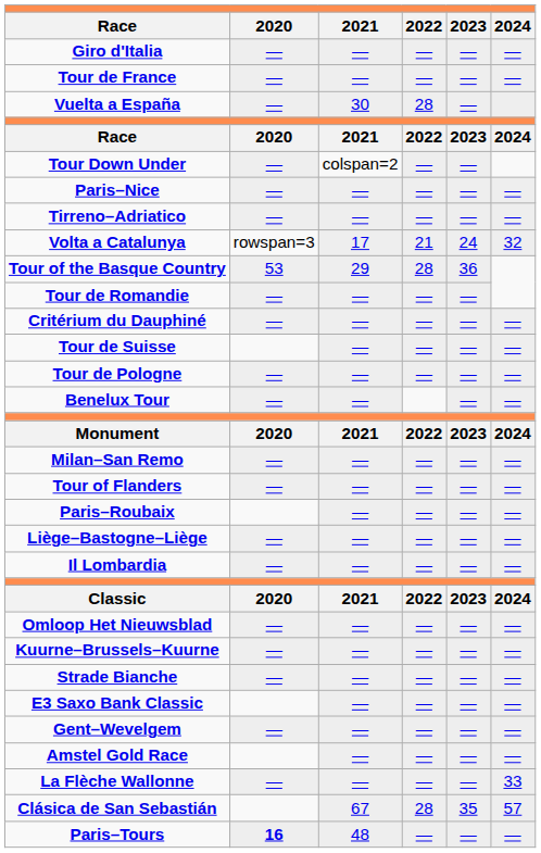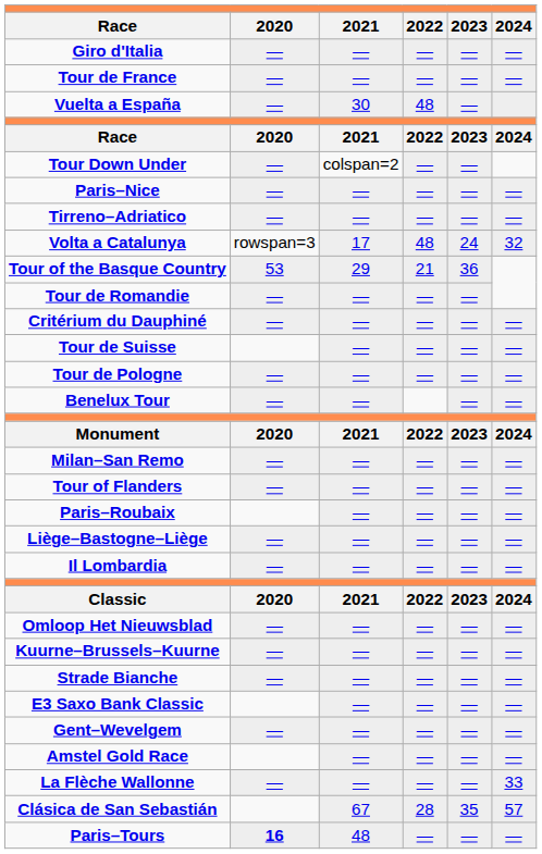 <table class="wikitable">
 <tr style="background:#eee;">
 <td style="background:#ff8c4e;" colspan=25><strong></strong></td>
 </tr>
 <tr>
 <th>Race</th>
 <th>2020</th>
 <th>2021</th>
 <th>2022</th>
 <th>2023</th>
 <th>2024</th>
 </tr>
 <tr align="center">
 <td><strong><a href='#'>Giro d'Italia</a></strong></td>
 <td style="background:#eee;"><a href='#'>—</a></td>
 <td style="background:#eee;"><a href='#'>—</a></td>
 <td style="background:#eee;"><a href='#'>—</a></td>
 <td style="background:#eee;"><a href='#'>—</a></td>
 <td style="background:#eee;"><a href='#'>—</a></td>
 </tr>
 <tr align="center">
 <td><strong><a href='#'>Tour de France</a></strong></td>
 <td style="background:#eee;"><a href='#'>—</a></td>
 <td style="background:#eee;"><a href='#'>—</a></td>
 <td style="background:#eee;"><a href='#'>—</a></td>
 <td style="background:#eee;"><a href='#'>—</a></td>
 <td style="background:#eee;"><a href='#'>—</a></td>
 </tr>
 <tr align="center">
 <td><strong><a href='#'>Vuelta a España</a></strong></td>
 <td style="background:#eee;"><a href='#'>—</a></td>
 <td style="background:#eee;"><a href='#'>30</a></td>
-<td style="background:#eee;"><a href='#'>28</a></td>
+<td style="background:#eee;"><a href='#'>48</a></td>
 <td style="background:#eee;"><a href='#'>—</a></td>
 <td style="background:#eee;"><a href='#'></a></td>
 </tr>
 <tr>
 <td style="background:#ff8c4e;" colspan=25><strong></strong></td>
 </tr>
 <tr>
 <th>Race</th>
 <th>2020</th>
 <th>2021</th>
 <th>2022</th>
 <th>2023</th>
 <th>2024</th>
 </tr>
 <tr align="center">
 <td><strong><a href='#'>Tour Down Under</a></strong></td>
 <td style="background:#eee;"><a href='#'>—</a></td>
 <td>colspan=2 </td>
 <td style="background:#eee;"><a href='#'>—</a></td>
 <td style="background:#eee;"><a href='#'>—</a></td>
 </tr>
 <tr align="center">
 <td><strong><a href='#'>Paris–Nice</a></strong></td>
 <td style="background:#eee;"><a href='#'>—</a></td>
 <td style="background:#eee;"><a href='#'>—</a></td>
 <td style="background:#eee;"><a href='#'>—</a></td>
 <td style="background:#eee;"><a href='#'>—</a></td>
 <td style="background:#eee;"><a href='#'>—</a></td>
 </tr>
 <tr align="center">
 <td><strong><a href='#'>Tirreno–Adriatico</a></strong></td>
 <td style="background:#eee;"><a href='#'>—</a></td>
 <td style="background:#eee;"><a href='#'>—</a></td>
 <td style="background:#eee;"><a href='#'>—</a></td>
 <td style="background:#eee;"><a href='#'>—</a></td>
 <td style="background:#eee;"><a href='#'>—</a></td>
 </tr>
 <tr align="center">
 <td><strong><a href='#'>Volta a Catalunya</a></strong></td>
 <td>rowspan=3 </td>
 <td style="background:#eee;"><a href='#'>17</a></td>
-<td style="background:#eee;"><a href='#'>21</a></td>
+<td style="background:#eee;"><a href='#'>48</a></td>
 <td style="background:#eee;"><a href='#'>24</a></td>
 <td style="background:#eee;"><a href='#'>32</a></td>
 </tr>
 <tr align="center">
 <td><strong><a href='#'>Tour of the Basque Country</a></strong></td>
 <td style="background:#eee;"><a href='#'>53</a></td>
 <td style="background:#eee;"><a href='#'>29</a></td>
-<td style="background:#eee;"><a href='#'>28</a></td>
+<td style="background:#eee;"><a href='#'>21</a></td>
 <td style="background:#eee;"><a href='#'>36</a></td>
 </tr>
 <tr align="center">
 <td><strong><a href='#'>Tour de Romandie</a></strong></td>
 <td style="background:#eee;"><a href='#'>—</a></td>
 <td style="background:#eee;"><a href='#'>—</a></td>
 <td style="background:#eee;"><a href='#'>—</a></td>
 <td style="background:#eee;"><a href='#'>—</a></td>
 </tr>
 <tr align="center">
 <td><strong><a href='#'>Critérium du Dauphiné</a></strong></td>
 <td style="background:#eee;"><a href='#'>—</a></td>
 <td style="background:#eee;"><a href='#'>—</a></td>
 <td style="background:#eee;"><a href='#'>—</a></td>
 <td style="background:#eee;"><a href='#'>—</a></td>
 <td style="background:#eee;"><a href='#'>—</a></td>
 </tr>
 <tr align="center">
 <td><strong><a href='#'>Tour de Suisse</a></strong></td>
 <td></td>
 <td style="background:#eee;"><a href='#'>—</a></td>
 <td style="background:#eee;"><a href='#'>—</a></td>
 <td style="background:#eee;"><a href='#'>—</a></td>
 <td style="background:#eee;"><a href='#'>—</a></td>
 </tr>
 <tr align="center">
 <td><strong><a href='#'>Tour de Pologne</a></strong></td>
 <td style="background:#eee;"><a href='#'>—</a></td>
 <td style="background:#eee;"><a href='#'>—</a></td>
 <td style="background:#eee;"><a href='#'>—</a></td>
 <td style="background:#eee;"><a href='#'>—</a></td>
 <td style="background:#eee;"><a href='#'>—</a></td>
 </tr>
 <tr align="center">
 <td><strong><a href='#'>Benelux Tour</a></strong></td>
 <td style="background:#eee;"><a href='#'>—</a></td>
 <td style="background:#eee;"><a href='#'>—</a></td>
 <td></td>
 <td style="background:#eee;"><a href='#'>—</a></td>
 <td style="background:#eee;"><a href='#'>—</a></td>
 </tr>
 <tr>
 <td style="background:#ff8c4e;" colspan=25><strong></strong></td>
 </tr>
 <tr>
 <th>Monument</th>
 <th>2020</th>
 <th>2021</th>
 <th>2022</th>
 <th>2023</th>
 <th>2024</th>
 </tr>
 <tr align="center">
 <td><strong><a href='#'>Milan–San Remo</a></strong></td>
 <td style="background:#eee;"><a href='#'>—</a></td>
 <td style="background:#eee;"><a href='#'>—</a></td>
 <td style="background:#eee;"><a href='#'>—</a></td>
 <td style="background:#eee;"><a href='#'>—</a></td>
 <td style="background:#eee;"><a href='#'>—</a></td>
 </tr>
 <tr align="center">
 <td><strong><a href='#'>Tour of Flanders</a></strong></td>
 <td style="background:#eee;"><a href='#'>—</a></td>
 <td style="background:#eee;"><a href='#'>—</a></td>
 <td style="background:#eee;"><a href='#'>—</a></td>
 <td style="background:#eee;"><a href='#'>—</a></td>
 <td style="background:#eee;"><a href='#'>—</a></td>
 </tr>
 <tr align="center">
 <td><strong><a href='#'>Paris–Roubaix</a></strong></td>
 <td></td>
 <td style="background:#eee;"><a href='#'>—</a></td>
 <td style="background:#eee;"><a href='#'>—</a></td>
 <td style="background:#eee;"><a href='#'>—</a></td>
 <td style="background:#eee;"><a href='#'>—</a></td>
 </tr>
 <tr align="center">
 <td><strong><a href='#'>Liège–Bastogne–Liège</a></strong></td>
 <td style="background:#eee;"><a href='#'>—</a></td>
 <td style="background:#eee;"><a href='#'>—</a></td>
 <td style="background:#eee;"><a href='#'>—</a></td>
 <td style="background:#eee;"><a href='#'>—</a></td>
 <td style="background:#eee;"><a href='#'>—</a></td>
 </tr>
 <tr align="center">
 <td><strong><a href='#'>Il Lombardia</a></strong></td>
 <td style="background:#eee;"><a href='#'>—</a></td>
 <td style="background:#eee;"><a href='#'>—</a></td>
 <td style="background:#eee;"><a href='#'>—</a></td>
 <td style="background:#eee;"><a href='#'>—</a></td>
 <td style="background:#eee;"><a href='#'>—</a></td>
 </tr>
 <tr>
 <td style="background:#ff8c4e;" colspan=25><strong></strong></td>
 </tr>
 <tr>
 <th>Classic</th>
 <th>2020</th>
 <th>2021</th>
 <th>2022</th>
 <th>2023</th>
 <th>2024</th>
 </tr>
 <tr align="center">
 <td><strong><a href='#'>Omloop Het Nieuwsblad</a></strong></td>
 <td style="background:#eee;"><a href='#'>—</a></td>
 <td style="background:#eee;"><a href='#'>—</a></td>
 <td style="background:#eee;"><a href='#'>—</a></td>
 <td style="background:#eee;"><a href='#'>—</a></td>
 <td style="background:#eee;"><a href='#'>—</a></td>
 </tr>
 <tr align="center">
 <td><strong><a href='#'>Kuurne–Brussels–Kuurne</a></strong></td>
 <td style="background:#eee;"><a href='#'>—</a></td>
 <td style="background:#eee;"><a href='#'>—</a></td>
 <td style="background:#eee;"><a href='#'>—</a></td>
 <td style="background:#eee;"><a href='#'>—</a></td>
 <td style="background:#eee;"><a href='#'>—</a></td>
 </tr>
 <tr align="center">
 <td><strong><a href='#'>Strade Bianche</a></strong></td>
 <td style="background:#eee;"><a href='#'>—</a></td>
 <td style="background:#eee;"><a href='#'>—</a></td>
 <td style="background:#eee;"><a href='#'>—</a></td>
 <td style="background:#eee;"><a href='#'>—</a></td>
 <td style="background:#eee;"><a href='#'>—</a></td>
 </tr>
 <tr align="center">
 <td><strong><a href='#'>E3 Saxo Bank Classic</a></strong></td>
 <td></td>
 <td style="background:#eee;"><a href='#'>—</a></td>
 <td style="background:#eee;"><a href='#'>—</a></td>
 <td style="background:#eee;"><a href='#'>—</a></td>
 <td style="background:#eee;"><a href='#'>—</a></td>
 </tr>
 <tr align="center">
 <td><strong><a href='#'>Gent–Wevelgem</a></strong></td>
 <td style="background:#eee;"><a href='#'>—</a></td>
 <td style="background:#eee;"><a href='#'>—</a></td>
 <td style="background:#eee;"><a href='#'>—</a></td>
 <td style="background:#eee;"><a href='#'>—</a></td>
 <td style="background:#eee;"><a href='#'>—</a></td>
 </tr>
 <tr align="center">
 <td><strong><a href='#'>Amstel Gold Race</a></strong></td>
 <td></td>
 <td style="background:#eee;"><a href='#'>—</a></td>
 <td style="background:#eee;"><a href='#'>—</a></td>
 <td style="background:#eee;"><a href='#'>—</a></td>
 <td style="background:#eee;"><a href='#'>—</a></td>
 </tr>
 <tr align="center">
 <td><strong><a href='#'>La Flèche Wallonne</a></strong></td>
 <td style="background:#eee;"><a href='#'>—</a></td>
 <td style="background:#eee;"><a href='#'>—</a></td>
 <td style="background:#eee;"><a href='#'>—</a></td>
 <td style="background:#eee;"><a href='#'>—</a></td>
 <td style="background:#eee;"><a href='#'>33</a></td>
 </tr>
 <tr align="center">
 <td><strong><a href='#'>Clásica de San Sebastián</a></strong></td>
 <td></td>
 <td style="background:#eee;"><a href='#'>67</a></td>
 <td style="background:#eee;"><a href='#'>28</a></td>
 <td style="background:#eee;"><a href='#'>35</a></td>
 <td style="background:#eee;"><a href='#'>57</a></td>
 </tr>
 <tr align="center">
 <td><strong><a href='#'>Paris–Tours</a></strong></td>
 <td style="background:#eee;"><strong><a href='#'>16</a></strong></td>
 <td style="background:#eee;"><a href='#'>48</a></td>
 <td style="background:#eee;"><a href='#'>—</a></td>
 <td style="background:#eee;"><a href='#'>—</a></td>
 <td style="background:#eee;"><a href='#'>—</a></td>
 </tr>
 </table>
